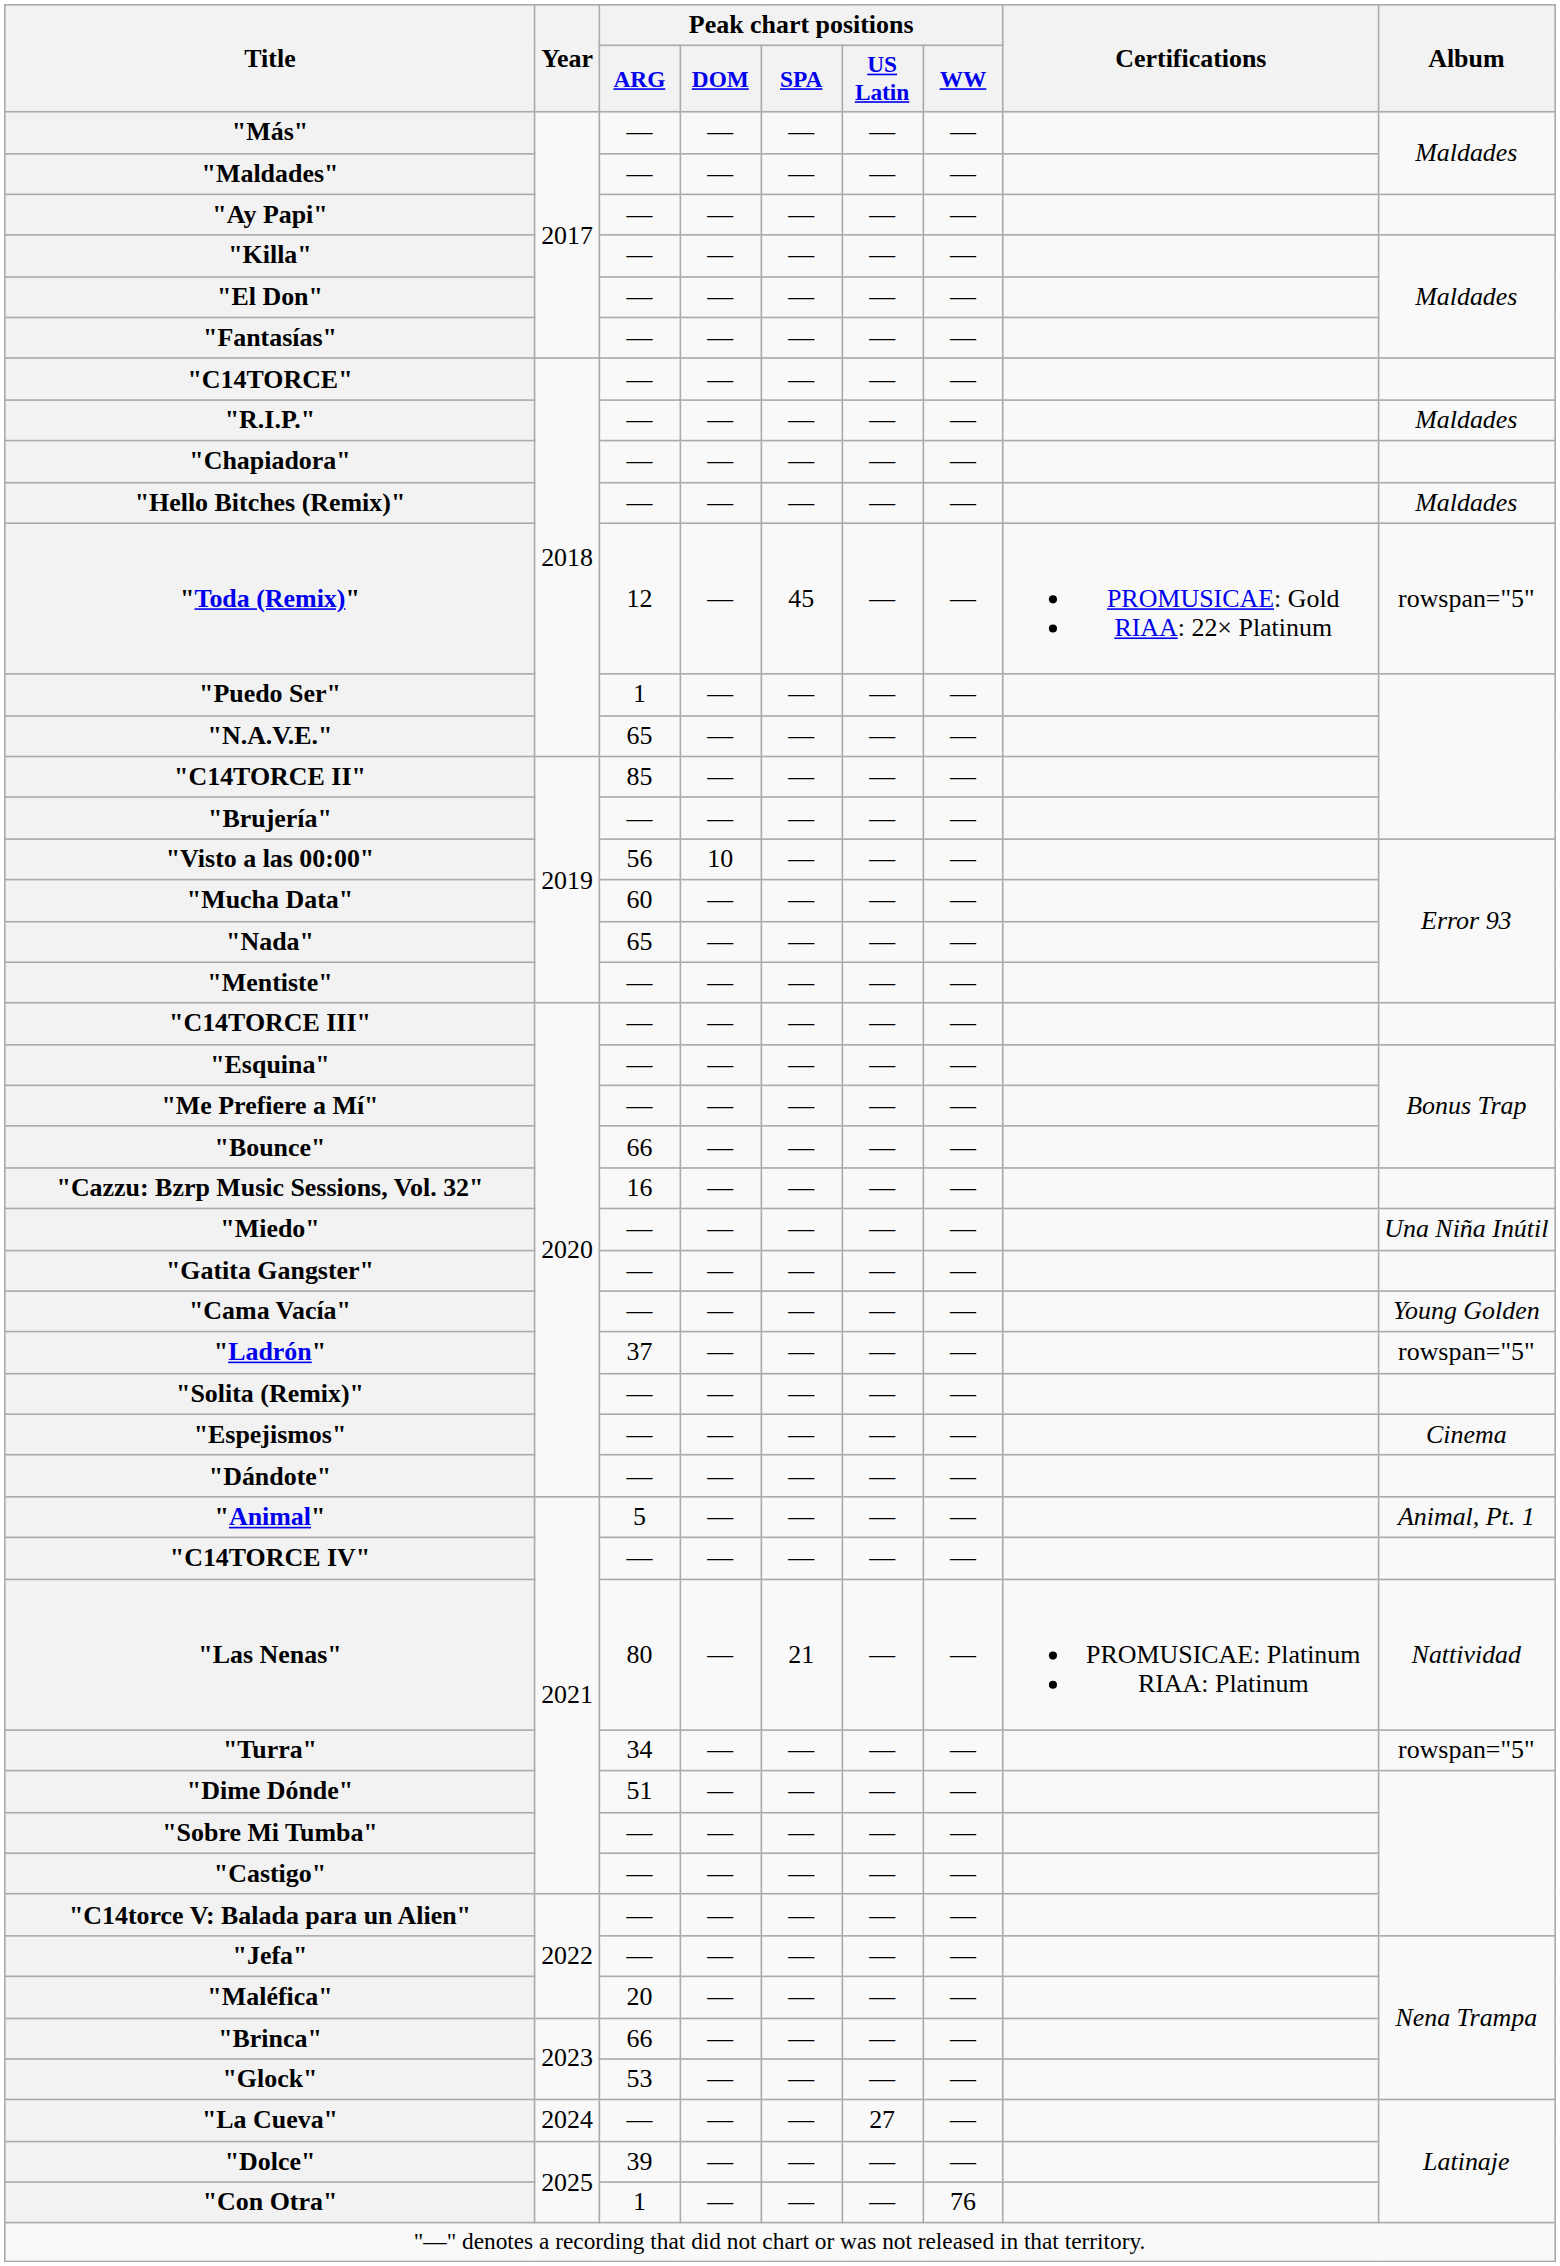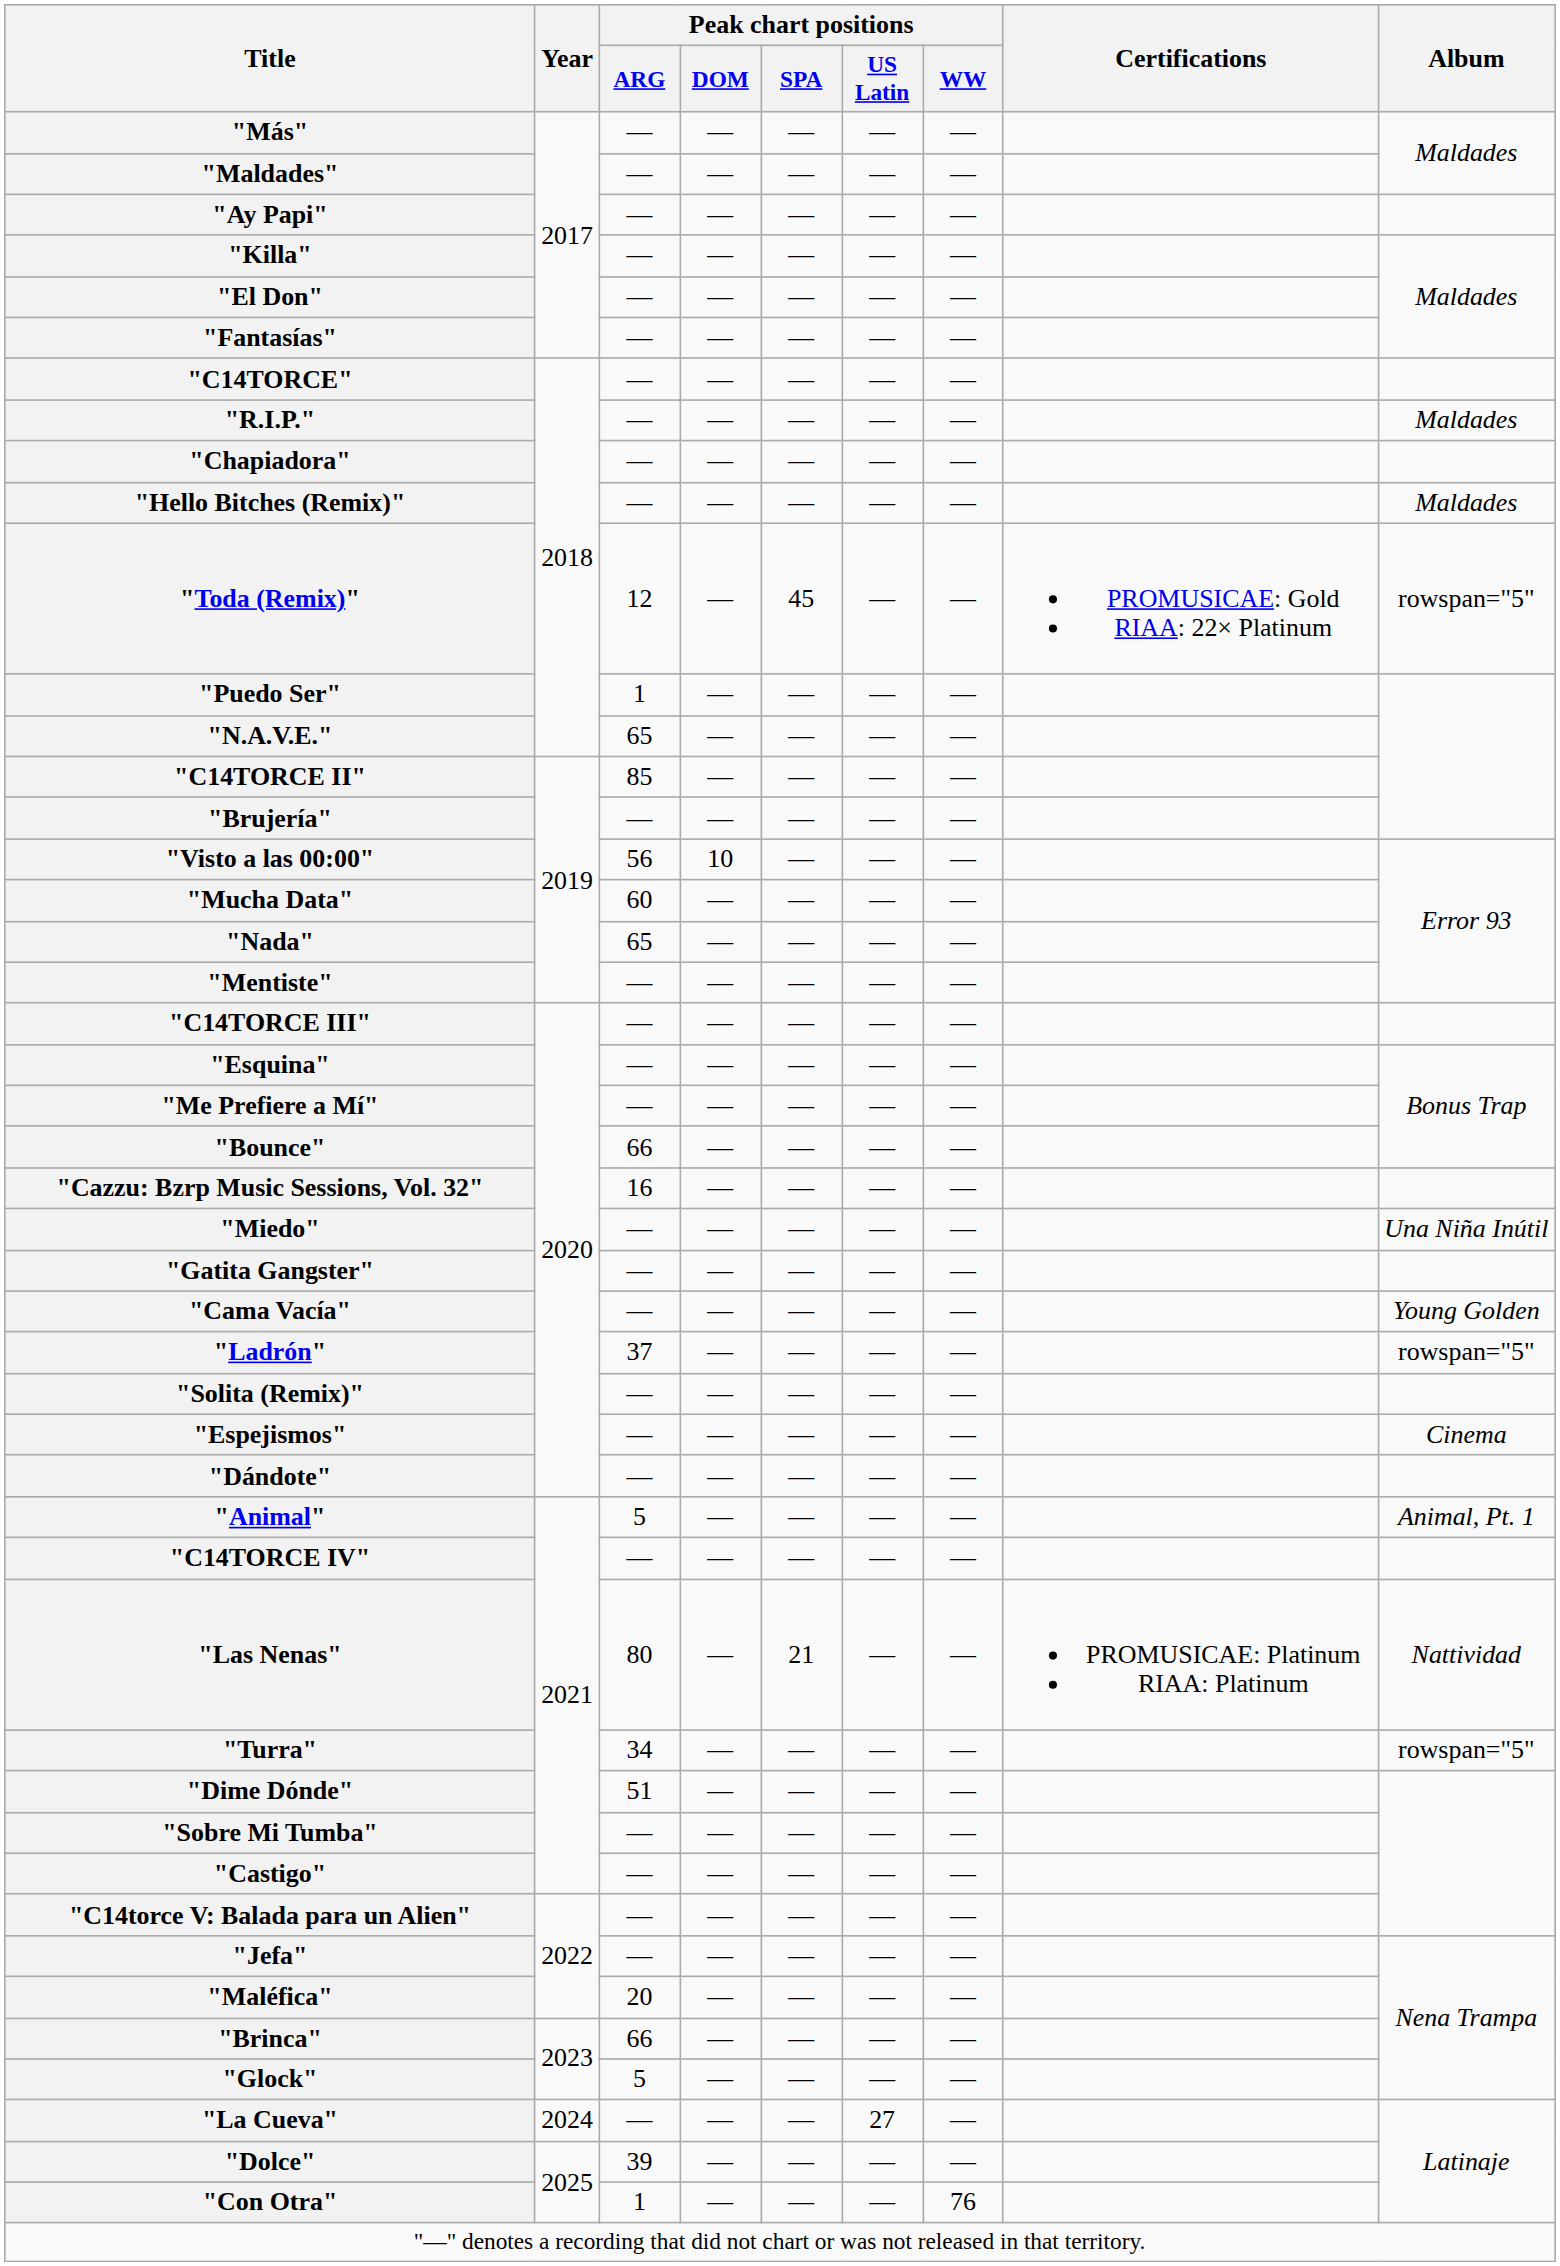 <table class="wikitable plainrowheaders" style="text-align:center;">
 <tr>
 <th scope="col" rowspan="2" style="width:20em;">Title</th>
 <th scope="col" rowspan="2">Year</th>
 <th scope="col" colspan="5">Peak chart positions</th>
 <th scope="col" rowspan="2" style="width:14em;">Certifications</th>
 <th scope="col" rowspan="2">Album</th>
 </tr>
 <tr>
 <th scope="col" style="width:3em;font-size:90%;"><a href='#'>ARG</a><br></th>
 <th scope="col" style="width:3em;font-size:90%;"><a href='#'>DOM</a><br></th>
 <th scope="col" style="width:3em;font-size:90%;"><a href='#'>SPA</a><br></th>
 <th scope="col" style="width:3em;font-size:90%;"><a href='#'>US<br>Latin</a><br></th>
 <th scope="col" style="width:3em;font-size:90%;"><a href='#'>WW</a><br></th>
 </tr>
 <tr>
 <th scope="row">"Más"</th>
 <td rowspan="6">2017</td>
 <td>—</td>
 <td>—</td>
 <td>—</td>
 <td>—</td>
 <td>—</td>
 <td></td>
 <td rowspan="2"><em>Maldades</em></td>
 </tr>
 <tr>
 <th scope="row">"Maldades"</th>
 <td>—</td>
 <td>—</td>
 <td>—</td>
 <td>—</td>
 <td>—</td>
 <td></td>
 </tr>
 <tr>
 <th scope="row">"Ay Papi"<br></th>
 <td>—</td>
 <td>—</td>
 <td>—</td>
 <td>—</td>
 <td>—</td>
 <td></td>
 <td></td>
 </tr>
 <tr>
 <th scope="row">"Killa"</th>
 <td>—</td>
 <td>—</td>
 <td>—</td>
 <td>—</td>
 <td>—</td>
 <td></td>
 <td rowspan="3"><em>Maldades</em></td>
 </tr>
 <tr>
 <th scope="row">"El Don"</th>
 <td>—</td>
 <td>—</td>
 <td>—</td>
 <td>—</td>
 <td>—</td>
 <td></td>
 </tr>
 <tr>
 <th scope="row">"Fantasías"</th>
 <td>—</td>
 <td>—</td>
 <td>—</td>
 <td>—</td>
 <td>—</td>
 <td></td>
 </tr>
 <tr>
 <th scope="row">"C14TORCE"<br></th>
 <td rowspan="7">2018</td>
 <td>—</td>
 <td>—</td>
 <td>—</td>
 <td>—</td>
 <td>—</td>
 <td></td>
 <td></td>
 </tr>
 <tr>
 <th scope="row">"R.I.P."</th>
 <td>—</td>
 <td>—</td>
 <td>—</td>
 <td>—</td>
 <td>—</td>
 <td></td>
 <td><em>Maldades</em></td>
 </tr>
 <tr>
 <th scope="row">"Chapiadora"</th>
 <td>—</td>
 <td>—</td>
 <td>—</td>
 <td>—</td>
 <td>—</td>
 <td></td>
 <td></td>
 </tr>
 <tr>
 <th scope="row">"Hello Bitches (Remix)"<br></th>
 <td>—</td>
 <td>—</td>
 <td>—</td>
 <td>—</td>
 <td>—</td>
 <td></td>
 <td><em>Maldades</em></td>
 </tr>
 <tr>
 <th scope="row">"<a href='#'>Toda (Remix)</a>"<br></th>
 <td>12</td>
 <td>—</td>
 <td>45</td>
 <td>—</td>
 <td>—</td>
 <td><br><ul><li><a href='#'>PROMUSICAE</a>: Gold</li><li><a href='#'>RIAA</a>: 22× Platinum </li></ul></td>
 <td>rowspan="5" </td>
 </tr>
 <tr>
 <th scope="row">"Puedo Ser"<br></th>
 <td>1</td>
 <td>—</td>
 <td>—</td>
 <td>—</td>
 <td>—</td>
 <td></td>
 </tr>
 <tr>
 <th scope="row">"N.A.V.E."</th>
 <td>65</td>
 <td>—</td>
 <td>—</td>
 <td>—</td>
 <td>—</td>
 <td></td>
 </tr>
 <tr>
 <th scope="row">"C14TORCE II"</th>
 <td rowspan="6">2019</td>
 <td>85</td>
 <td>—</td>
 <td>—</td>
 <td>—</td>
 <td>—</td>
 <td></td>
 </tr>
 <tr>
 <th scope="row">"Brujería"</th>
 <td>—</td>
 <td>—</td>
 <td>—</td>
 <td>—</td>
 <td>—</td>
 <td></td>
 </tr>
 <tr>
 <th scope="row">"Visto a las 00:00"</th>
 <td>56</td>
 <td>10</td>
 <td>—</td>
 <td>—</td>
 <td>—</td>
 <td></td>
 <td rowspan="4"><em>Error 93</em></td>
 </tr>
 <tr>
 <th scope="row">"Mucha Data"</th>
 <td>60</td>
 <td>—</td>
 <td>—</td>
 <td>—</td>
 <td>—</td>
 <td></td>
 </tr>
 <tr>
 <th scope="row">"Nada"<br></th>
 <td>65</td>
 <td>—</td>
 <td>—</td>
 <td>—</td>
 <td>—</td>
 <td></td>
 </tr>
 <tr>
 <th scope="row">"Mentiste"</th>
 <td>—</td>
 <td>—</td>
 <td>—</td>
 <td>—</td>
 <td>—</td>
 <td></td>
 </tr>
 <tr>
 <th scope="row">"C14TORCE III"</th>
 <td rowspan="12">2020</td>
 <td>—</td>
 <td>—</td>
 <td>—</td>
 <td>—</td>
 <td>—</td>
 <td></td>
 <td></td>
 </tr>
 <tr>
 <th scope="row">"Esquina"<br></th>
 <td>—</td>
 <td>—</td>
 <td>—</td>
 <td>—</td>
 <td>—</td>
 <td></td>
 <td rowspan="3"><em>Bonus Trap</em></td>
 </tr>
 <tr>
 <th scope="row">"Me Prefiere a Mí"<br></th>
 <td>—</td>
 <td>—</td>
 <td>—</td>
 <td>—</td>
 <td>—</td>
 <td></td>
 </tr>
 <tr>
 <th scope="row">"Bounce"</th>
 <td>66</td>
 <td>—</td>
 <td>—</td>
 <td>—</td>
 <td>—</td>
 <td></td>
 </tr>
 <tr>
 <th scope="row">"Cazzu: Bzrp Music Sessions, Vol. 32"<br></th>
 <td>16</td>
 <td>—</td>
 <td>—</td>
 <td>—</td>
 <td>—</td>
 <td></td>
 <td></td>
 </tr>
 <tr>
 <th scope="row">"Miedo"</th>
 <td>—</td>
 <td>—</td>
 <td>—</td>
 <td>—</td>
 <td>—</td>
 <td></td>
 <td><em>Una Niña Inútil</em></td>
 </tr>
 <tr>
 <th scope="row">"Gatita Gangster"<br></th>
 <td>—</td>
 <td>—</td>
 <td>—</td>
 <td>—</td>
 <td>—</td>
 <td></td>
 <td></td>
 </tr>
 <tr>
 <th scope="row">"Cama Vacía"<br></th>
 <td>—</td>
 <td>—</td>
 <td>—</td>
 <td>—</td>
 <td>—</td>
 <td></td>
 <td><em>Young Golden</em></td>
 </tr>
 <tr>
 <th scope="row">"<a href='#'>Ladrón</a>"<br></th>
 <td>37</td>
 <td>—</td>
 <td>—</td>
 <td>—</td>
 <td>—</td>
 <td></td>
 <td>rowspan="5" </td>
 </tr>
 <tr>
 <th scope="row">"Solita (Remix)"<br></th>
 <td>—</td>
 <td>—</td>
 <td>—</td>
 <td>—</td>
 <td>—</td>
 <td></td>
 <td></td>
 </tr>
 <tr>
 <th scope="row">"Espejismos"<br></th>
 <td>—</td>
 <td>—</td>
 <td>—</td>
 <td>—</td>
 <td>—</td>
 <td></td>
 <td><em>Cinema</em></td>
 </tr>
 <tr>
 <th scope="row">"Dándote"<br></th>
 <td>—</td>
 <td>—</td>
 <td>—</td>
 <td>—</td>
 <td>—</td>
 <td></td>
 <td></td>
 </tr>
 <tr>
 <th scope="row">"<a href='#'>Animal</a>"<br></th>
 <td rowspan="7">2021</td>
 <td>5</td>
 <td>—</td>
 <td>—</td>
 <td>—</td>
 <td>—</td>
 <td></td>
 <td><em>Animal, Pt. 1</em></td>
 </tr>
 <tr>
 <th scope="row">"C14TORCE IV"</th>
 <td>—</td>
 <td>—</td>
 <td>—</td>
 <td>—</td>
 <td>—</td>
 <td></td>
 <td></td>
 </tr>
 <tr>
 <th scope="row">"Las Nenas"<br></th>
 <td>80</td>
 <td>—</td>
 <td>21</td>
 <td>—</td>
 <td>—</td>
 <td><br><ul><li>PROMUSICAE: Platinum</li><li>RIAA: Platinum </li></ul></td>
 <td><em>Nattividad</em></td>
 </tr>
 <tr>
 <th scope="row">"Turra"<br></th>
 <td>34</td>
 <td>—</td>
 <td>—</td>
 <td>—</td>
 <td>—</td>
 <td></td>
 <td>rowspan="5" </td>
 </tr>
 <tr>
 <th scope="row">"Dime Dónde"<br></th>
 <td>51</td>
 <td>—</td>
 <td>—</td>
 <td>—</td>
 <td>—</td>
 <td></td>
 </tr>
 <tr>
 <th scope="row">"Sobre Mi Tumba"</th>
 <td>—</td>
 <td>—</td>
 <td>—</td>
 <td>—</td>
 <td>—</td>
 <td></td>
 </tr>
 <tr>
 <th scope="row">"Castigo"</th>
 <td>—</td>
 <td>—</td>
 <td>—</td>
 <td>—</td>
 <td>—</td>
 <td></td>
 </tr>
 <tr>
 <th scope="row">"C14torce V: Balada para un Alien"</th>
 <td rowspan="3">2022</td>
 <td>—</td>
 <td>—</td>
 <td>—</td>
 <td>—</td>
 <td>—</td>
 <td></td>
 </tr>
 <tr>
 <th scope="row">"Jefa"</th>
 <td>—</td>
 <td>—</td>
 <td>—</td>
 <td>—</td>
 <td>—</td>
 <td></td>
 <td rowspan="4"><em>Nena Trampa</em></td>
 </tr>
 <tr>
 <th scope="row">"Maléfica"<br></th>
 <td>20</td>
 <td>—</td>
 <td>—</td>
 <td>—</td>
 <td>—</td>
 <td></td>
 </tr>
 <tr>
 <th scope="row">"Brinca"<br></th>
 <td rowspan="2">2023</td>
 <td>66</td>
 <td>—</td>
 <td>—</td>
 <td>—</td>
 <td>—</td>
 <td></td>
 </tr>
 <tr>
 <th scope="row">"Glock"<br></th>
-<td>53</td>
+<td>5</td>
 <td>—</td>
 <td>—</td>
 <td>—</td>
 <td>—</td>
 <td></td>
 </tr>
 <tr>
 <th scope="row">"La Cueva"</th>
 <td>2024</td>
 <td>—</td>
 <td>—</td>
 <td>—</td>
 <td>27</td>
 <td>—</td>
 <td></td>
 <td rowspan="3"><em>Latinaje</em></td>
 </tr>
 <tr>
 <th scope="row">"Dolce"</th>
 <td rowspan="2">2025</td>
 <td>39</td>
 <td>—</td>
 <td>—</td>
 <td>—</td>
 <td>—</td>
 <td></td>
 </tr>
 <tr>
 <th scope="row">"Con Otra"</th>
 <td>1</td>
 <td>—</td>
 <td>—</td>
 <td>—</td>
 <td>76</td>
 <td></td>
 </tr>
 <tr>
 <td colspan="14" style="font-size:90%">"—" denotes a recording that did not chart or was not released in that territory.</td>
 </tr>
 </table>
